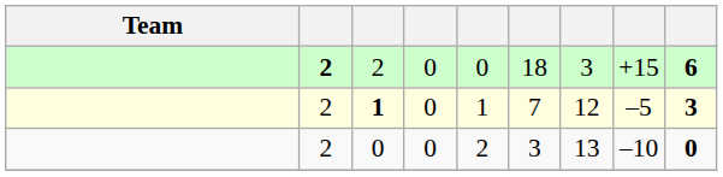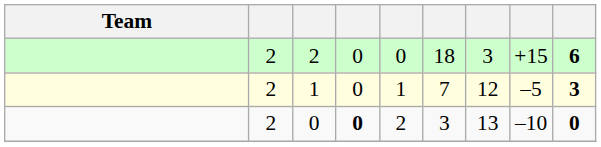 <table class="wikitable" style="text-align:center">
 <tr>
 <th width=175>Team</th>
 <th width=25></th>
 <th width=25></th>
 <th width=25></th>
 <th width=25></th>
 <th width=25></th>
 <th width=25></th>
 <th width=25></th>
 <th width=25></th>
 </tr>
 <tr align=center bgcolor=#ccffcc>
 <td style="text-align:left;"><strong></strong></td>
-<td><strong>2</strong></td>
+<td>2</td>
 <td>2</td>
 <td>0</td>
 <td>0</td>
 <td>18</td>
 <td>3</td>
 <td>+15</td>
 <td><strong>6</strong></td>
 </tr>
 <tr align=center bgcolor=#ffffe0>
 <td style="text-align:left;"><strong></strong></td>
 <td>2</td>
-<td><strong>1</strong></td>
+<td>1</td>
 <td>0</td>
 <td>1</td>
 <td>7</td>
 <td>12</td>
 <td>–5</td>
 <td><strong>3</strong></td>
 </tr>
 <tr>
 <td style="text-align:left;"></td>
 <td>2</td>
 <td>0</td>
-<td>0</td>
+<td><strong>0</strong></td>
 <td>2</td>
 <td>3</td>
 <td>13</td>
 <td>–10</td>
 <td><strong>0</strong></td>
 </tr>
 <tr>
 </tr>
 </table>
